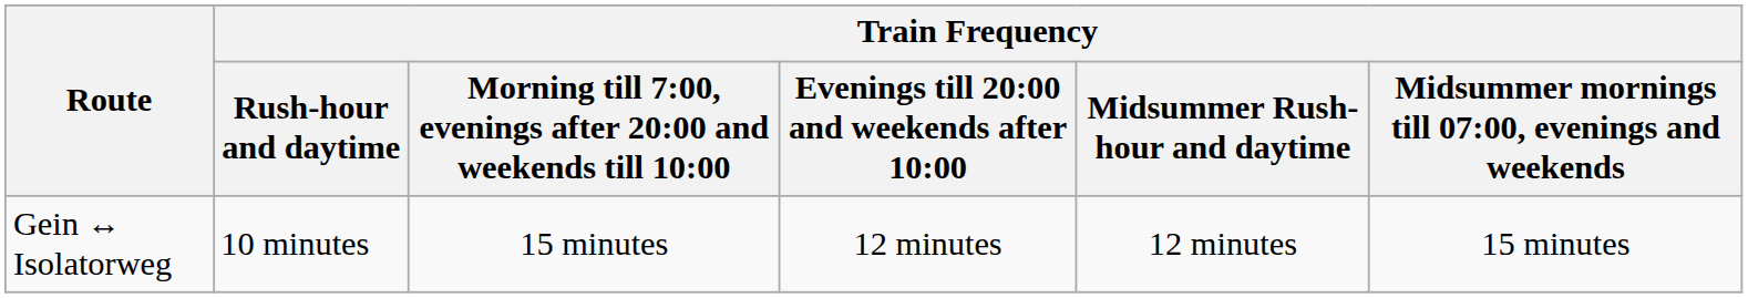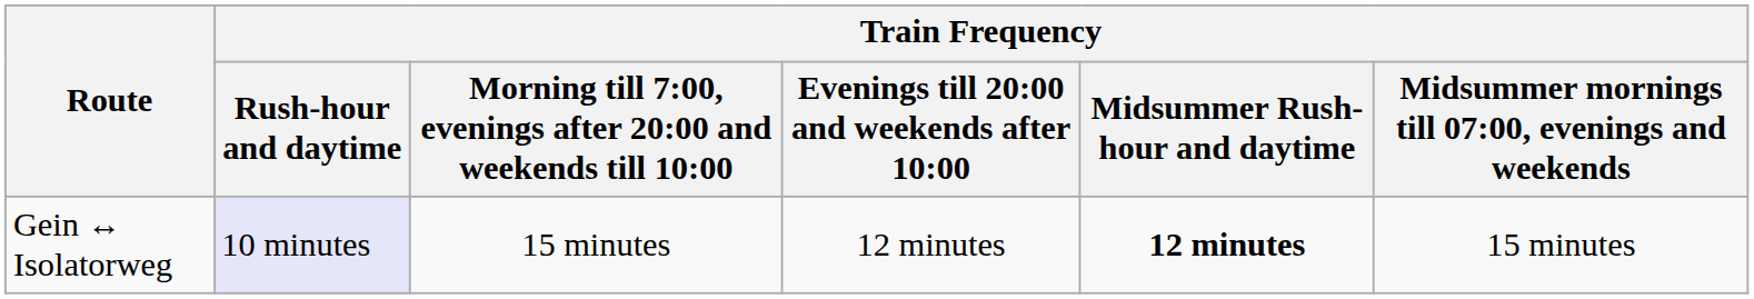 <table class="wikitable" style="font-size:105%;">
 <tr>
 <th rowspan="2">Route</th>
 <th colspan="5">Train Frequency</th>
 </tr>
 <tr>
 <th>Rush-hour and daytime</th>
 <th>Morning till 7:00, evenings after 20:00 and weekends till 10:00</th>
 <th>Evenings till 20:00 and weekends after 10:00</th>
 <th>Midsummer Rush-hour and daytime</th>
 <th>Midsummer mornings till 07:00, evenings and weekends</th>
 </tr>
 <tr>
 <td>Gein ↔ Isolatorweg</td>
-<td>10 minutes</td>
+<td style="background: lavender;">10 minutes</td>
 <td align="center">15 minutes</td>
 <td align="center">12 minutes</td>
-<td align="center">12 minutes</td>
+<td align="center"><strong>12 minutes</strong></td>
 <td align="center">15 minutes</td>
 </tr>
 </table>
